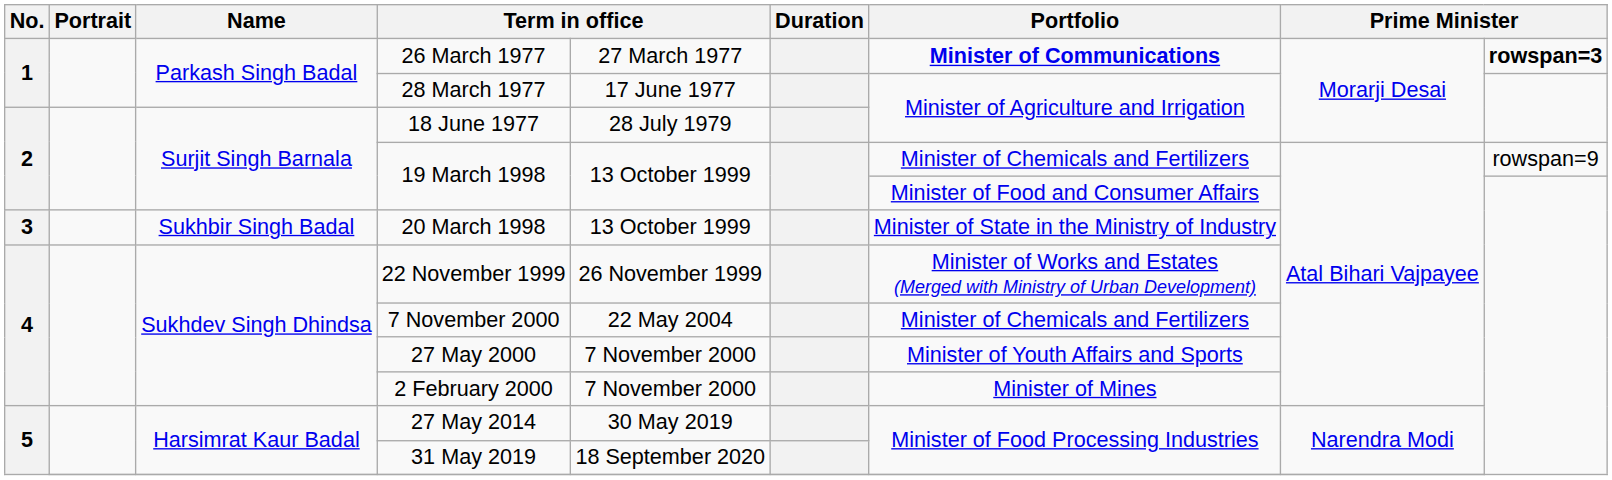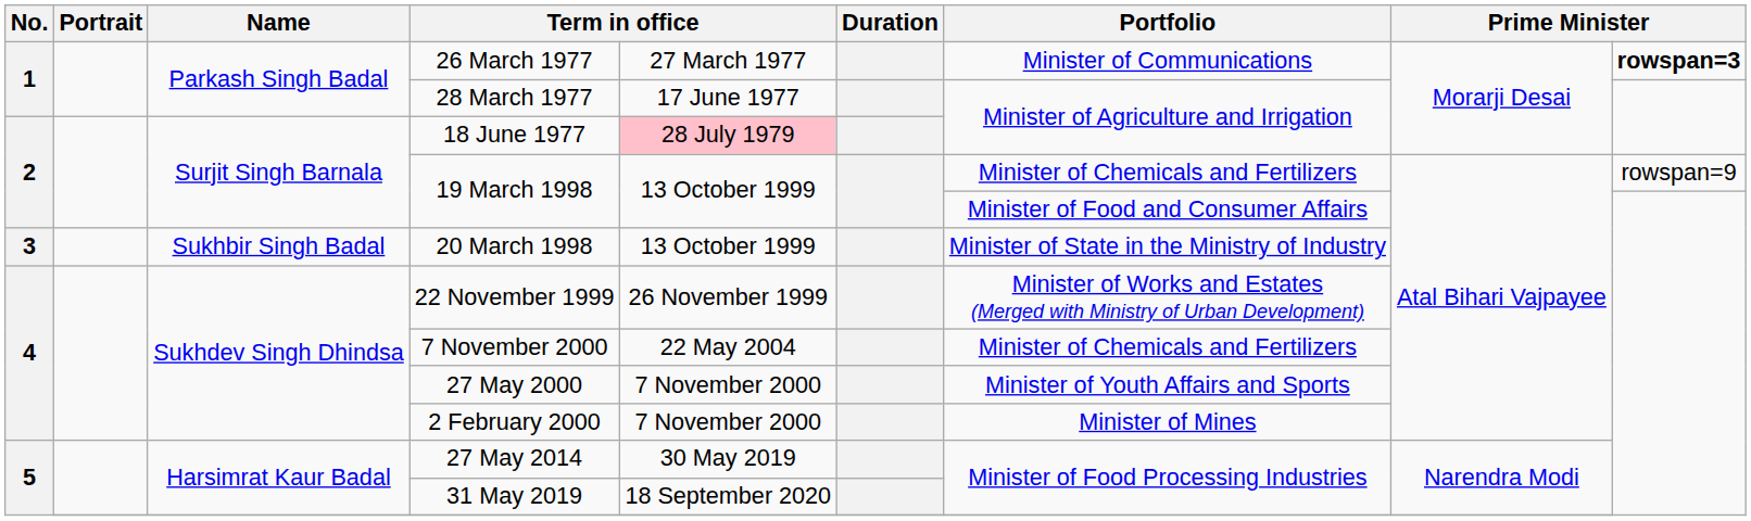 <table class="wikitable sortable" style="text-align:center;">
 <tr>
 <th Style="background-color:">No.</th>
 <th Style="background-color:">Portrait</th>
 <th Style="background-color:">Name</th>
 <th colspan="2" Style="background-color:">Term in office</th>
 <th Style="background-color:">Duration</th>
 <th Style="background-color:">Portfolio</th>
 <th colspan="2" Style="background-color:">Prime Minister</th>
 </tr>
 <tr align=center>
 <th rowspan="2">1</th>
 <td rowspan="2"></td>
 <td rowspan="2"><a href='#'>Parkash Singh Badal</a></td>
 <td>26 March 1977</td>
 <td>27 March 1977</td>
 <th></th>
-<td><strong><a href='#'>Minister of Communications</a></strong></td>
+<td><a href='#'>Minister of Communications</a></td>
 <td rowspan="3"><a href='#'>Morarji Desai</a></td>
 <td><strong>rowspan=3 </strong></td>
 </tr>
 <tr align=center>
 <td>28 March 1977</td>
 <td>17 June 1977</td>
 <th></th>
 <td rowspan="2"><a href='#'>Minister of Agriculture and Irrigation</a></td>
 </tr>
 <tr align=center>
 <th rowspan="3">2</th>
 <td rowspan="3"></td>
 <td rowspan="3"><a href='#'>Surjit Singh Barnala</a></td>
 <td>18 June 1977</td>
-<td>28 July 1979</td>
+<td style="background: pink;">28 July 1979</td>
 <th></th>
 </tr>
 <tr align=center>
 <td rowspan="2">19 March 1998</td>
 <td rowspan="2">13 October 1999</td>
 <th rowspan="2!"></th>
 <td><a href='#'>Minister of Chemicals and Fertilizers</a></td>
 <td rowspan="7"><a href='#'>Atal Bihari Vajpayee</a></td>
 <td>rowspan=9 </td>
 </tr>
 <tr align=center>
 <td><a href='#'>Minister of Food and Consumer Affairs</a></td>
 </tr>
 <tr align=center>
 <th>3</th>
 <td></td>
 <td><a href='#'>Sukhbir Singh Badal</a></td>
 <td>20 March 1998</td>
 <td>13 October 1999</td>
 <th></th>
 <td><a href='#'>Minister of State in the Ministry of Industry</a></td>
 </tr>
 <tr align=center>
 <th rowspan="4">4</th>
 <td rowspan="4"></td>
 <td rowspan="4"><a href='#'>Sukhdev Singh Dhindsa</a></td>
 <td>22 November 1999</td>
 <td>26 November 1999</td>
 <th></th>
 <td><a href='#'>Minister of Works and Estates<br><small><em>(Merged with Ministry of Urban Development)</em></small></a></td>
 </tr>
 <tr align=center>
 <td>7 November 2000</td>
 <td>22 May 2004</td>
 <th></th>
 <td><a href='#'>Minister of Chemicals and Fertilizers</a></td>
 </tr>
 <tr align=center>
 <td>27 May 2000</td>
 <td>7 November 2000</td>
 <th></th>
 <td><a href='#'>Minister of Youth Affairs and Sports</a></td>
 </tr>
 <tr align=center>
 <td>2 February 2000</td>
 <td>7 November 2000</td>
 <th></th>
 <td><a href='#'>Minister of Mines</a></td>
 </tr>
 <tr align=center>
 <th rowspan="5">5</th>
 <td rowspan="2"></td>
 <td rowspan="2"><a href='#'>Harsimrat Kaur Badal</a></td>
 <td>27 May 2014</td>
 <td>30 May 2019</td>
 <th></th>
 <td rowspan="2"><a href='#'>Minister of Food Processing Industries</a></td>
 <td rowspan="2"><a href='#'>Narendra Modi</a></td>
 </tr>
 <tr align=center>
 <td>31 May 2019</td>
 <td>18 September 2020</td>
 <th></th>
 </tr>
 <tr>
 </tr>
 </table>
